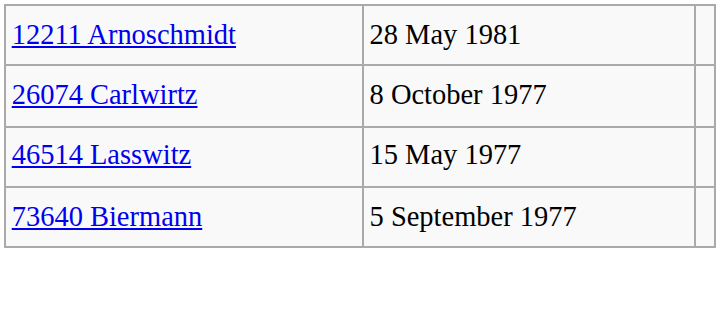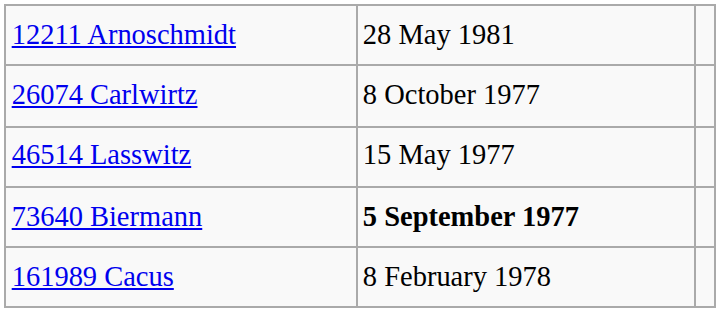 <table class="wikitable" style="font-size: 89%; float: left; width: 25em; margin-right: 1em; line-height: 1.65em !important;">
 <tr>
 <td><a href='#'>12211 Arnoschmidt</a></td>
 <td>28 May 1981</td>
 <td></td>
 </tr>
 <tr>
 <td><a href='#'>26074 Carlwirtz</a></td>
 <td>8 October 1977</td>
 <td></td>
 </tr>
 <tr>
 <td><a href='#'>46514 Lasswitz</a></td>
 <td>15 May 1977</td>
 <td></td>
 </tr>
 <tr>
 <td><a href='#'>73640 Biermann</a></td>
-<td>5 September 1977</td>
+<td><strong>5 September 1977</strong></td>
+<td></td>
+</tr>
+<tr>
+<td><a href='#'>161989 Cacus</a></td>
+<td>8 February 1978</td>
 <td></td>
 </tr>
 </table>
